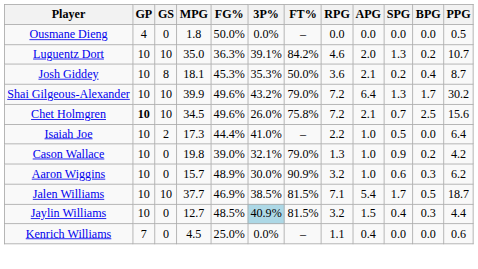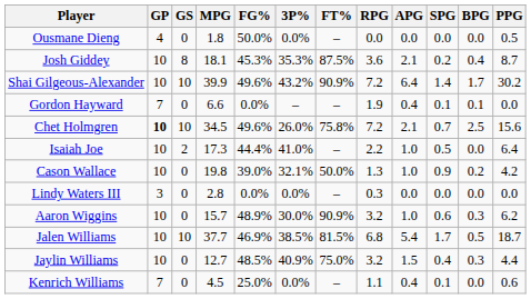 <table class="wikitable sortable" style="font-size: 90%; text-align:center;">
 <tr>
 <th>Player</th>
 <th>GP</th>
 <th>GS</th>
 <th>MPG</th>
 <th>FG%</th>
 <th>3P%</th>
 <th>FT%</th>
 <th>RPG</th>
 <th>APG</th>
 <th>SPG</th>
 <th>BPG</th>
 <th>PPG</th>
 </tr>
 <tr>
 <td><a href='#'>Ousmane Dieng</a></td>
 <td>4</td>
 <td>0</td>
 <td>1.8</td>
 <td>50.0%</td>
 <td>0.0%</td>
 <td>–</td>
 <td>0.0</td>
 <td>0.0</td>
 <td>0.0</td>
 <td>0.0</td>
 <td>0.5</td>
 </tr>
 <tr>
-<td><a href='#'>Luguentz Dort</a></td>
-<td>10</td>
-<td>10</td>
-<td>35.0</td>
-<td>36.3%</td>
-<td>39.1%</td>
-<td>84.2%</td>
-<td>4.6</td>
-<td>2.0</td>
-<td>1.3</td>
-<td>0.2</td>
-<td>10.7</td>
-</tr>
-<tr>
 <td><a href='#'>Josh Giddey</a></td>
 <td>10</td>
 <td>8</td>
 <td>18.1</td>
 <td>45.3%</td>
 <td>35.3%</td>
-<td>50.0%</td>
+<td>87.5%</td>
 <td>3.6</td>
 <td>2.1</td>
 <td>0.2</td>
 <td>0.4</td>
 <td>8.7</td>
 </tr>
 <tr>
 <td><a href='#'>Shai Gilgeous-Alexander</a></td>
 <td>10</td>
 <td>10</td>
 <td>39.9</td>
 <td>49.6%</td>
 <td>43.2%</td>
-<td>79.0%</td>
+<td>90.9%</td>
 <td>7.2</td>
 <td>6.4</td>
-<td>1.3</td>
+<td>1.4</td>
 <td>1.7</td>
 <td>30.2</td>
+</tr>
+<tr>
+<td><a href='#'>Gordon Hayward</a></td>
+<td>7</td>
+<td>0</td>
+<td>6.6</td>
+<td>0.0%</td>
+<td>–</td>
+<td>–</td>
+<td>1.9</td>
+<td>0.4</td>
+<td>0.1</td>
+<td>0.1</td>
+<td>0.0</td>
 </tr>
 <tr>
 <td><a href='#'>Chet Holmgren</a></td>
 <td><strong>10</strong></td>
 <td>10</td>
 <td>34.5</td>
 <td>49.6%</td>
 <td>26.0%</td>
 <td>75.8%</td>
 <td>7.2</td>
 <td>2.1</td>
 <td>0.7</td>
 <td>2.5</td>
 <td>15.6</td>
 </tr>
 <tr>
 <td><a href='#'>Isaiah Joe</a></td>
 <td>10</td>
 <td>2</td>
 <td>17.3</td>
 <td>44.4%</td>
 <td>41.0%</td>
 <td>–</td>
 <td>2.2</td>
 <td>1.0</td>
 <td>0.5</td>
 <td>0.0</td>
 <td>6.4</td>
 </tr>
 <tr>
 <td><a href='#'>Cason Wallace</a></td>
 <td>10</td>
 <td>0</td>
 <td>19.8</td>
 <td>39.0%</td>
 <td>32.1%</td>
-<td>79.0%</td>
+<td>50.0%</td>
 <td>1.3</td>
 <td>1.0</td>
 <td>0.9</td>
 <td>0.2</td>
 <td>4.2</td>
+</tr>
+<tr>
+<td><a href='#'>Lindy Waters III</a></td>
+<td>3</td>
+<td>0</td>
+<td>2.8</td>
+<td>0.0%</td>
+<td>0.0%</td>
+<td>–</td>
+<td>0.3</td>
+<td>0.0</td>
+<td>0.0</td>
+<td>0.0</td>
+<td>0.0</td>
 </tr>
 <tr>
 <td><a href='#'>Aaron Wiggins</a></td>
 <td>10</td>
 <td>0</td>
 <td>15.7</td>
 <td>48.9%</td>
 <td>30.0%</td>
 <td>90.9%</td>
 <td>3.2</td>
 <td>1.0</td>
 <td>0.6</td>
 <td>0.3</td>
 <td>6.2</td>
 </tr>
 <tr>
 <td><a href='#'>Jalen Williams</a></td>
 <td>10</td>
 <td>10</td>
 <td>37.7</td>
 <td>46.9%</td>
 <td>38.5%</td>
 <td>81.5%</td>
-<td>7.1</td>
+<td>6.8</td>
 <td>5.4</td>
 <td>1.7</td>
 <td>0.5</td>
 <td>18.7</td>
 </tr>
 <tr>
 <td><a href='#'>Jaylin Williams</a></td>
 <td>10</td>
 <td>0</td>
 <td>12.7</td>
 <td>48.5%</td>
-<td style="background: lightblue;">40.9%</td>
-<td>81.5%</td>
+<td>40.9%</td>
+<td>75.0%</td>
 <td>3.2</td>
 <td>1.5</td>
 <td>0.4</td>
 <td>0.3</td>
 <td>4.4</td>
 </tr>
 <tr>
 <td><a href='#'>Kenrich Williams</a></td>
 <td>7</td>
 <td>0</td>
 <td>4.5</td>
 <td>25.0%</td>
 <td>0.0%</td>
 <td>–</td>
 <td>1.1</td>
 <td>0.4</td>
-<td>0.0</td>
+<td>0.1</td>
 <td>0.0</td>
 <td>0.6</td>
 </tr>
 </table>
